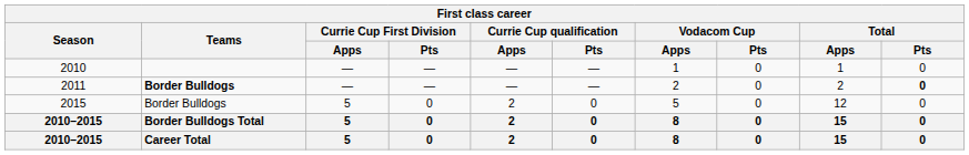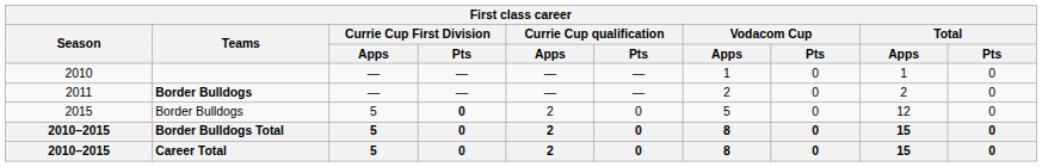 <table class="wikitable" style="text-align:center; font-size:85%; width:90%">
 <tr>
 <th colspan=100%>First class career</th>
 </tr>
 <tr>
 <th style="width:10%;" rowspan=2>Season</th>
 <th style="width:12%;" rowspan=2>Teams</th>
 <th colspan=2>Currie Cup First Division</th>
 <th colspan=2>Currie Cup qualification</th>
 <th colspan=2>Vodacom Cup</th>
 <th colspan=2>Total</th>
 </tr>
 <tr>
 <th style="width:6%;">Apps</th>
 <th style="width:6%;">Pts</th>
 <th style="width:6%;">Apps</th>
 <th style="width:6%;">Pts</th>
 <th style="width:6%;">Apps</th>
 <th style="width:6%;">Pts</th>
 <th style="width:6%;">Apps</th>
 <th style="width:6%;">Pts</th>
 </tr>
 <tr>
 <td>2010</td>
 <td style="text-align:left;"></td>
 <td>—</td>
 <td>—</td>
 <td>—</td>
 <td>—</td>
 <td>1</td>
 <td>0</td>
 <td>1</td>
 <td>0</td>
 </tr>
 <tr>
 <td>2011</td>
 <td style="text-align:left;"><strong>Border Bulldogs</strong></td>
 <td>—</td>
 <td>—</td>
 <td>—</td>
 <td>—</td>
 <td>2</td>
 <td>0</td>
 <td>2</td>
-<td><strong>0</strong></td>
+<td>0</td>
 </tr>
 <tr>
 <td>2015</td>
 <td style="text-align:left;">Border Bulldogs</td>
 <td>5</td>
-<td>0</td>
+<td><strong>0</strong></td>
 <td>2</td>
 <td>0</td>
 <td>5</td>
 <td>0</td>
 <td>12</td>
 <td>0</td>
 </tr>
 <tr>
 <th>2010–2015</th>
 <th style="text-align:left;">Border Bulldogs Total</th>
 <th>5</th>
 <th>0</th>
 <th>2</th>
 <th>0</th>
 <th>8</th>
 <th>0</th>
 <th>15</th>
 <th>0</th>
 </tr>
 <tr>
 <th>2010–2015</th>
 <th style="text-align:left;">Career Total</th>
 <th>5</th>
 <th>0</th>
 <th>2</th>
 <th>0</th>
 <th>8</th>
 <th>0</th>
 <th>15</th>
 <th>0</th>
 </tr>
 </table>
